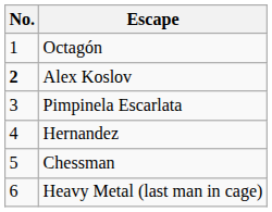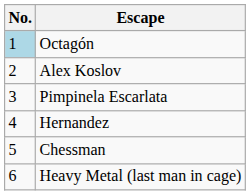 <table style="font-size: 85%" class="wikitable sortable">
 <tr>
 <th><strong>No.</strong></th>
 <th><strong>Escape</strong></th>
 </tr>
 <tr>
-<td>1</td>
+<td style="background: lightblue;">1</td>
 <td>Octagón</td>
 </tr>
 <tr>
-<td><strong>2</strong></td>
+<td>2</td>
 <td>Alex Koslov</td>
 </tr>
 <tr>
 <td>3</td>
 <td>Pimpinela Escarlata</td>
 </tr>
 <tr>
 <td>4</td>
 <td>Hernandez</td>
 </tr>
 <tr>
 <td>5</td>
 <td>Chessman</td>
 </tr>
 <tr>
 <td>6</td>
 <td>Heavy Metal (last man in cage)</td>
 </tr>
 </table>
